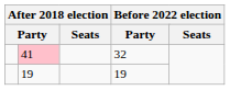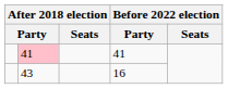 <table class="wikitable">
 <tr>
 <th colspan="3">After 2018 election</th>
 <th colspan="3">Before 2022 election</th>
 </tr>
 <tr>
 <th colspan="2">Party</th>
 <th>Seats</th>
 <th colspan="2">Party</th>
 <th>Seats</th>
 </tr>
 <tr>
 <td></td>
 <td style="background: pink;">41</td>
 <td></td>
-<td>32</td>
+<td>41</td>
 </tr>
 <tr>
 <td></td>
-<td>19</td>
+<td>43</td>
 <td></td>
-<td>19</td>
+<td>16</td>
 </tr>
 </table>
